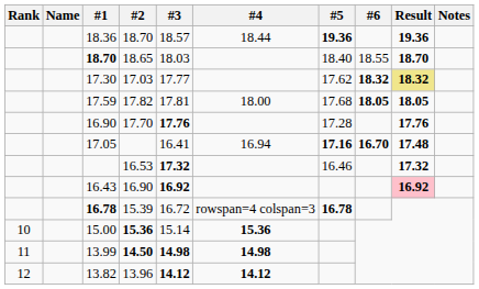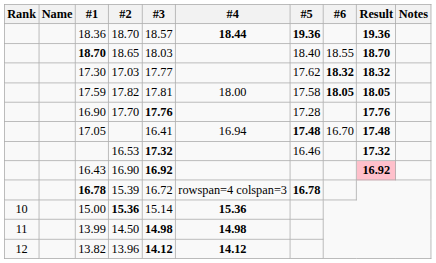 <table class="wikitable sortable" style="text-align:center">
 <tr>
 <th>Rank</th>
 <th>Name</th>
 <th>#1</th>
 <th>#2</th>
 <th>#3</th>
 <th>#4</th>
 <th>#5</th>
 <th>#6</th>
 <th>Result</th>
 <th>Notes</th>
 </tr>
 <tr>
 <td></td>
 <td align=left></td>
 <td>18.36</td>
 <td>18.70</td>
 <td>18.57</td>
-<td>18.44</td>
+<td><strong>18.44</strong></td>
 <td><strong>19.36</strong></td>
 <td></td>
 <td><strong>19.36</strong></td>
 <td></td>
 </tr>
 <tr>
 <td></td>
 <td align=left></td>
 <td><strong>18.70</strong></td>
 <td>18.65</td>
 <td>18.03</td>
 <td></td>
 <td>18.40</td>
 <td>18.55</td>
 <td><strong>18.70</strong></td>
 <td></td>
 </tr>
 <tr>
 <td></td>
 <td align=left></td>
 <td>17.30</td>
 <td>17.03</td>
 <td>17.77</td>
 <td></td>
 <td>17.62</td>
 <td><strong>18.32</strong></td>
-<td style="background: khaki;"><strong>18.32</strong></td>
+<td><strong>18.32</strong></td>
 <td></td>
 </tr>
 <tr>
 <td></td>
 <td align=left></td>
 <td>17.59</td>
 <td>17.82</td>
 <td>17.81</td>
 <td>18.00</td>
-<td>17.68</td>
+<td>17.58</td>
 <td><strong>18.05</strong></td>
 <td><strong>18.05</strong></td>
 <td></td>
 </tr>
 <tr>
 <td></td>
 <td align=left></td>
 <td>16.90</td>
 <td>17.70</td>
 <td><strong>17.76</strong></td>
 <td></td>
 <td>17.28</td>
 <td></td>
 <td><strong>17.76</strong></td>
 <td></td>
 </tr>
 <tr>
 <td></td>
 <td align=left></td>
 <td>17.05</td>
 <td></td>
 <td>16.41</td>
 <td>16.94</td>
-<td><strong>17.16</strong></td>
-<td><strong>16.70</strong></td>
+<td><strong>17.48</strong></td>
+<td>16.70</td>
 <td><strong>17.48</strong></td>
 <td></td>
 </tr>
 <tr>
 <td></td>
 <td align=left></td>
 <td></td>
 <td>16.53</td>
 <td><strong>17.32</strong></td>
 <td></td>
 <td>16.46</td>
 <td></td>
 <td><strong>17.32</strong></td>
 <td></td>
 </tr>
 <tr>
 <td></td>
 <td align=left></td>
 <td>16.43</td>
 <td>16.90</td>
 <td><strong>16.92</strong></td>
 <td></td>
 <td></td>
 <td></td>
 <td style="background: pink;"><strong>16.92</strong></td>
 <td></td>
 </tr>
 <tr>
 <td></td>
 <td align=left></td>
 <td><strong>16.78</strong></td>
 <td>15.39</td>
 <td>16.72</td>
 <td>rowspan=4 colspan=3 </td>
 <td><strong>16.78</strong></td>
 <td></td>
 </tr>
 <tr>
 <td>10</td>
 <td align=left></td>
 <td>15.00</td>
 <td><strong>15.36</strong></td>
 <td>15.14</td>
 <td><strong>15.36</strong></td>
 <td></td>
 </tr>
 <tr>
 <td>11</td>
 <td align=left></td>
 <td>13.99</td>
-<td><strong>14.50</strong></td>
+<td>14.50</td>
 <td><strong>14.98</strong></td>
 <td><strong>14.98</strong></td>
 <td></td>
 </tr>
 <tr>
 <td>12</td>
 <td align=left></td>
 <td>13.82</td>
 <td>13.96</td>
 <td><strong>14.12</strong></td>
 <td><strong>14.12</strong></td>
 <td></td>
 </tr>
 </table>
